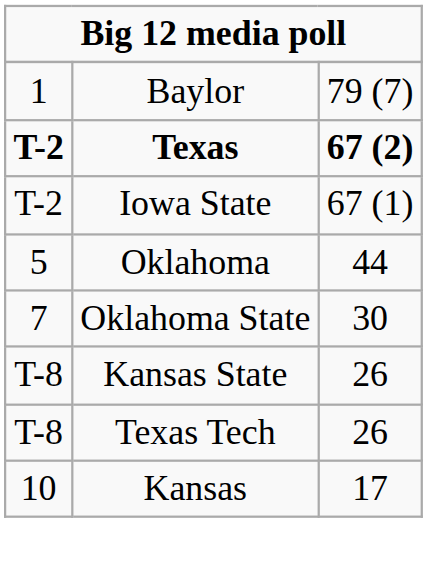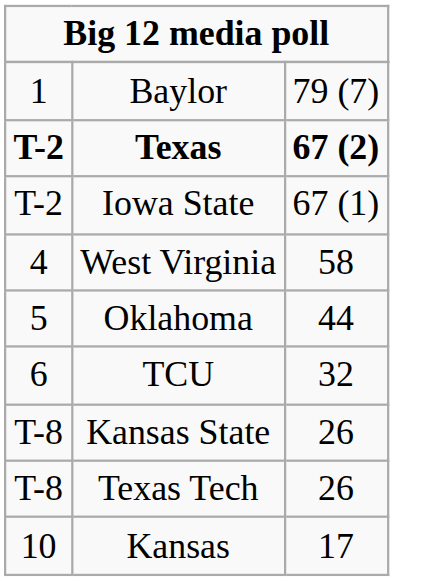 <table class="wikitable" style="display: inline-table;">
 <tr>
 <td align="center" Colspan="3"><strong>Big 12 media poll</strong></td>
 </tr>
 <tr align="center">
 </tr>
 <tr align="center">
 <td>1</td>
 <td>Baylor</td>
 <td>79 (7)</td>
 </tr>
 <tr align="center">
 <td><strong>T-2</strong></td>
 <td><strong>Texas</strong></td>
 <td><strong>67 (2)</strong></td>
 </tr>
 <tr align="center">
 <td>T-2</td>
 <td>Iowa State</td>
 <td>67 (1)</td>
 </tr>
 <tr align="center">
+<td>4</td>
+<td>West Virginia</td>
+<td>58</td>
+</tr>
+<tr align="center">
 <td>5</td>
 <td>Oklahoma</td>
 <td>44</td>
 </tr>
 <tr align="center">
-<td>7</td>
-<td>Oklahoma State</td>
-<td>30</td>
+<td>6</td>
+<td>TCU</td>
+<td>32</td>
 </tr>
 <tr align="center">
 <td>T-8</td>
 <td>Kansas State</td>
 <td>26</td>
 </tr>
 <tr align="center">
 <td>T-8</td>
 <td>Texas Tech</td>
 <td>26</td>
 </tr>
 <tr align="center">
 <td>10</td>
 <td>Kansas</td>
 <td>17</td>
 </tr>
 </table>
